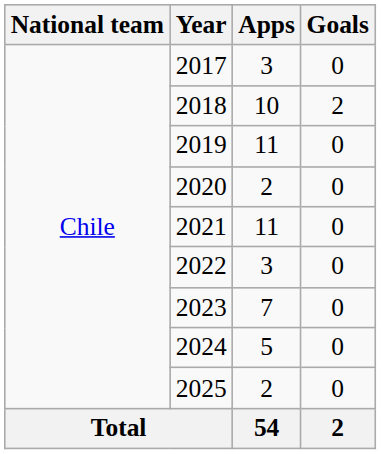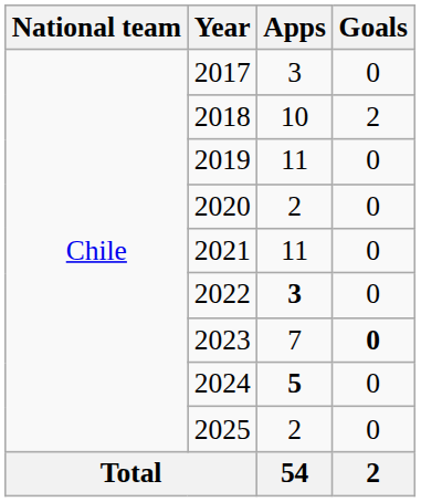 <table class=wikitable style=text-align:center>
 <tr>
 <th>National team</th>
 <th>Year</th>
 <th>Apps</th>
 <th>Goals</th>
 </tr>
 <tr>
 <td rowspan="9"><a href='#'>Chile</a></td>
 <td>2017</td>
 <td>3</td>
 <td>0</td>
 </tr>
 <tr>
 <td>2018</td>
 <td>10</td>
 <td>2</td>
 </tr>
 <tr>
 <td>2019</td>
 <td>11</td>
 <td>0</td>
 </tr>
 <tr>
 <td>2020</td>
 <td>2</td>
 <td>0</td>
 </tr>
 <tr>
 <td>2021</td>
 <td>11</td>
 <td>0</td>
 </tr>
 <tr>
 <td>2022</td>
-<td>3</td>
+<td><strong>3</strong></td>
 <td>0</td>
 </tr>
 <tr>
 <td>2023</td>
 <td>7</td>
-<td>0</td>
+<td><strong>0</strong></td>
 </tr>
 <tr>
 <td>2024</td>
-<td>5</td>
+<td><strong>5</strong></td>
 <td>0</td>
 </tr>
 <tr>
 <td>2025</td>
 <td>2</td>
 <td>0</td>
 </tr>
 <tr>
 <th colspan="2">Total</th>
 <th>54</th>
 <th>2</th>
 </tr>
 </table>
